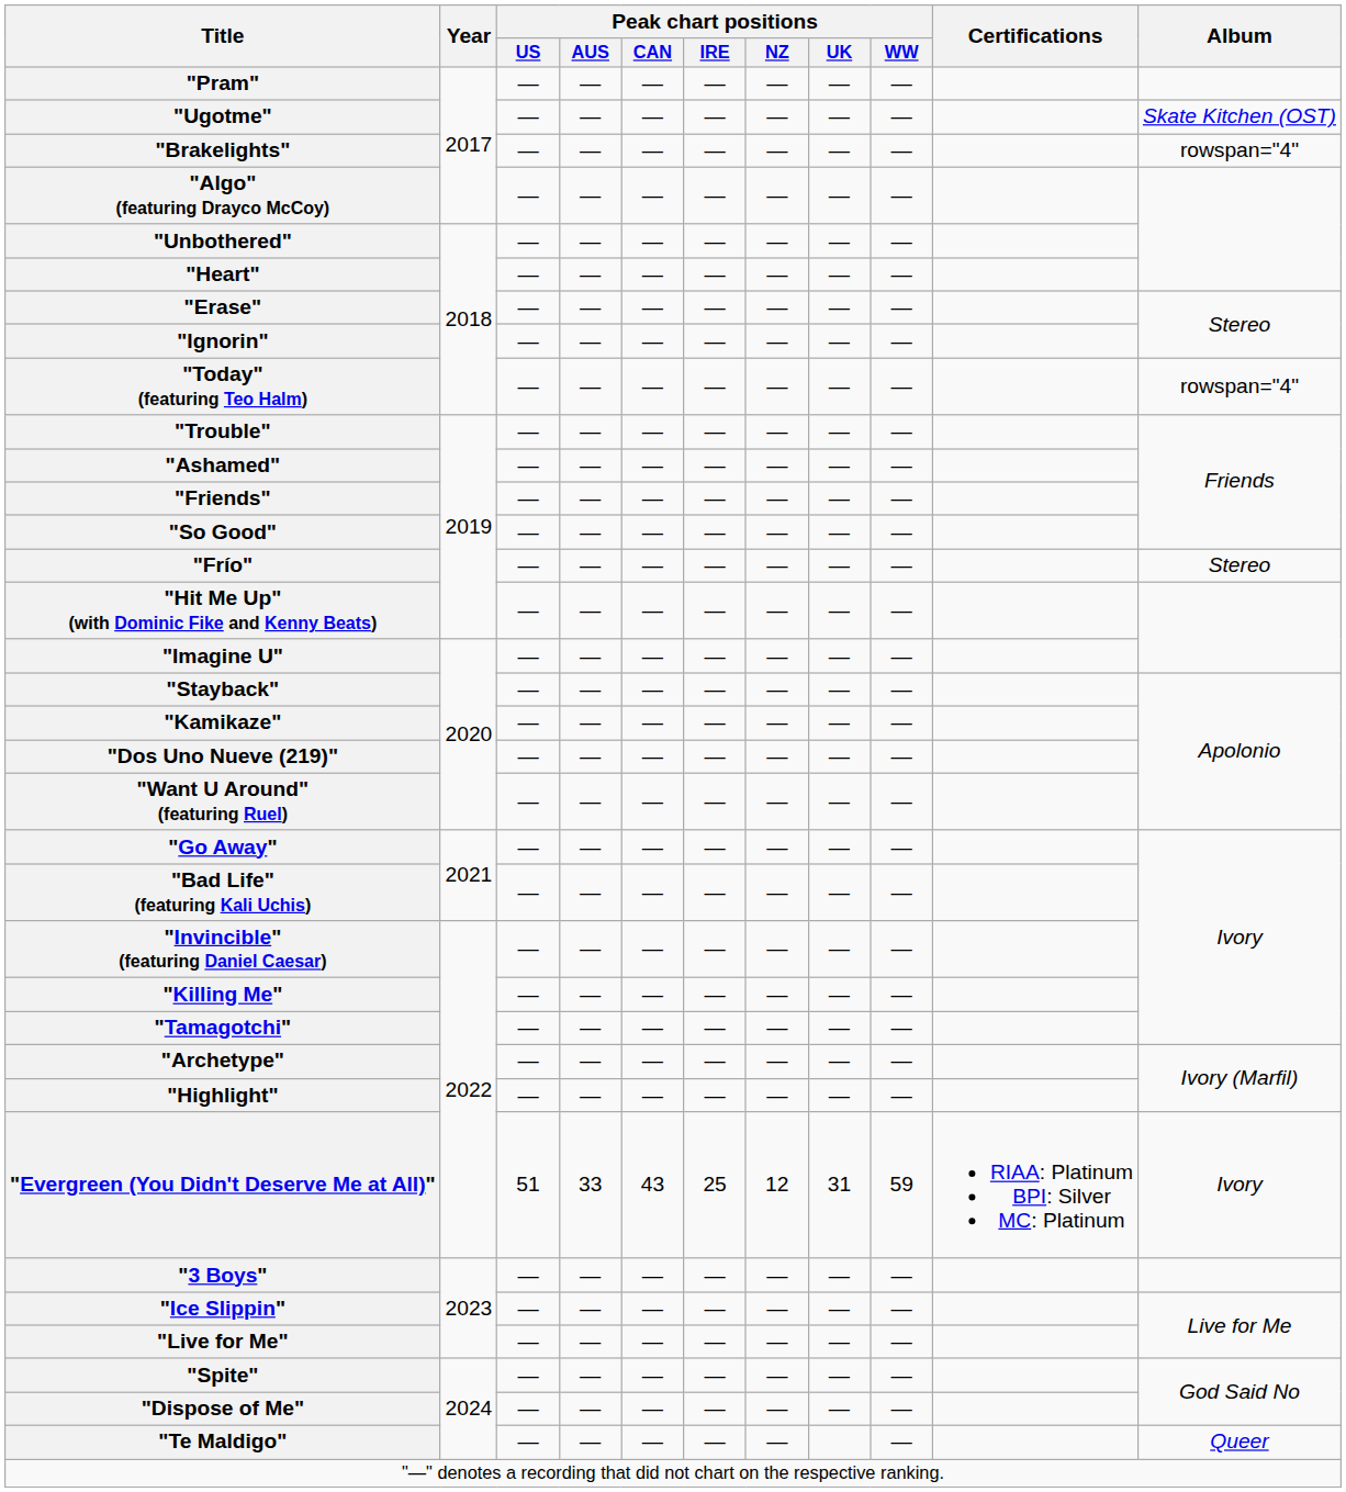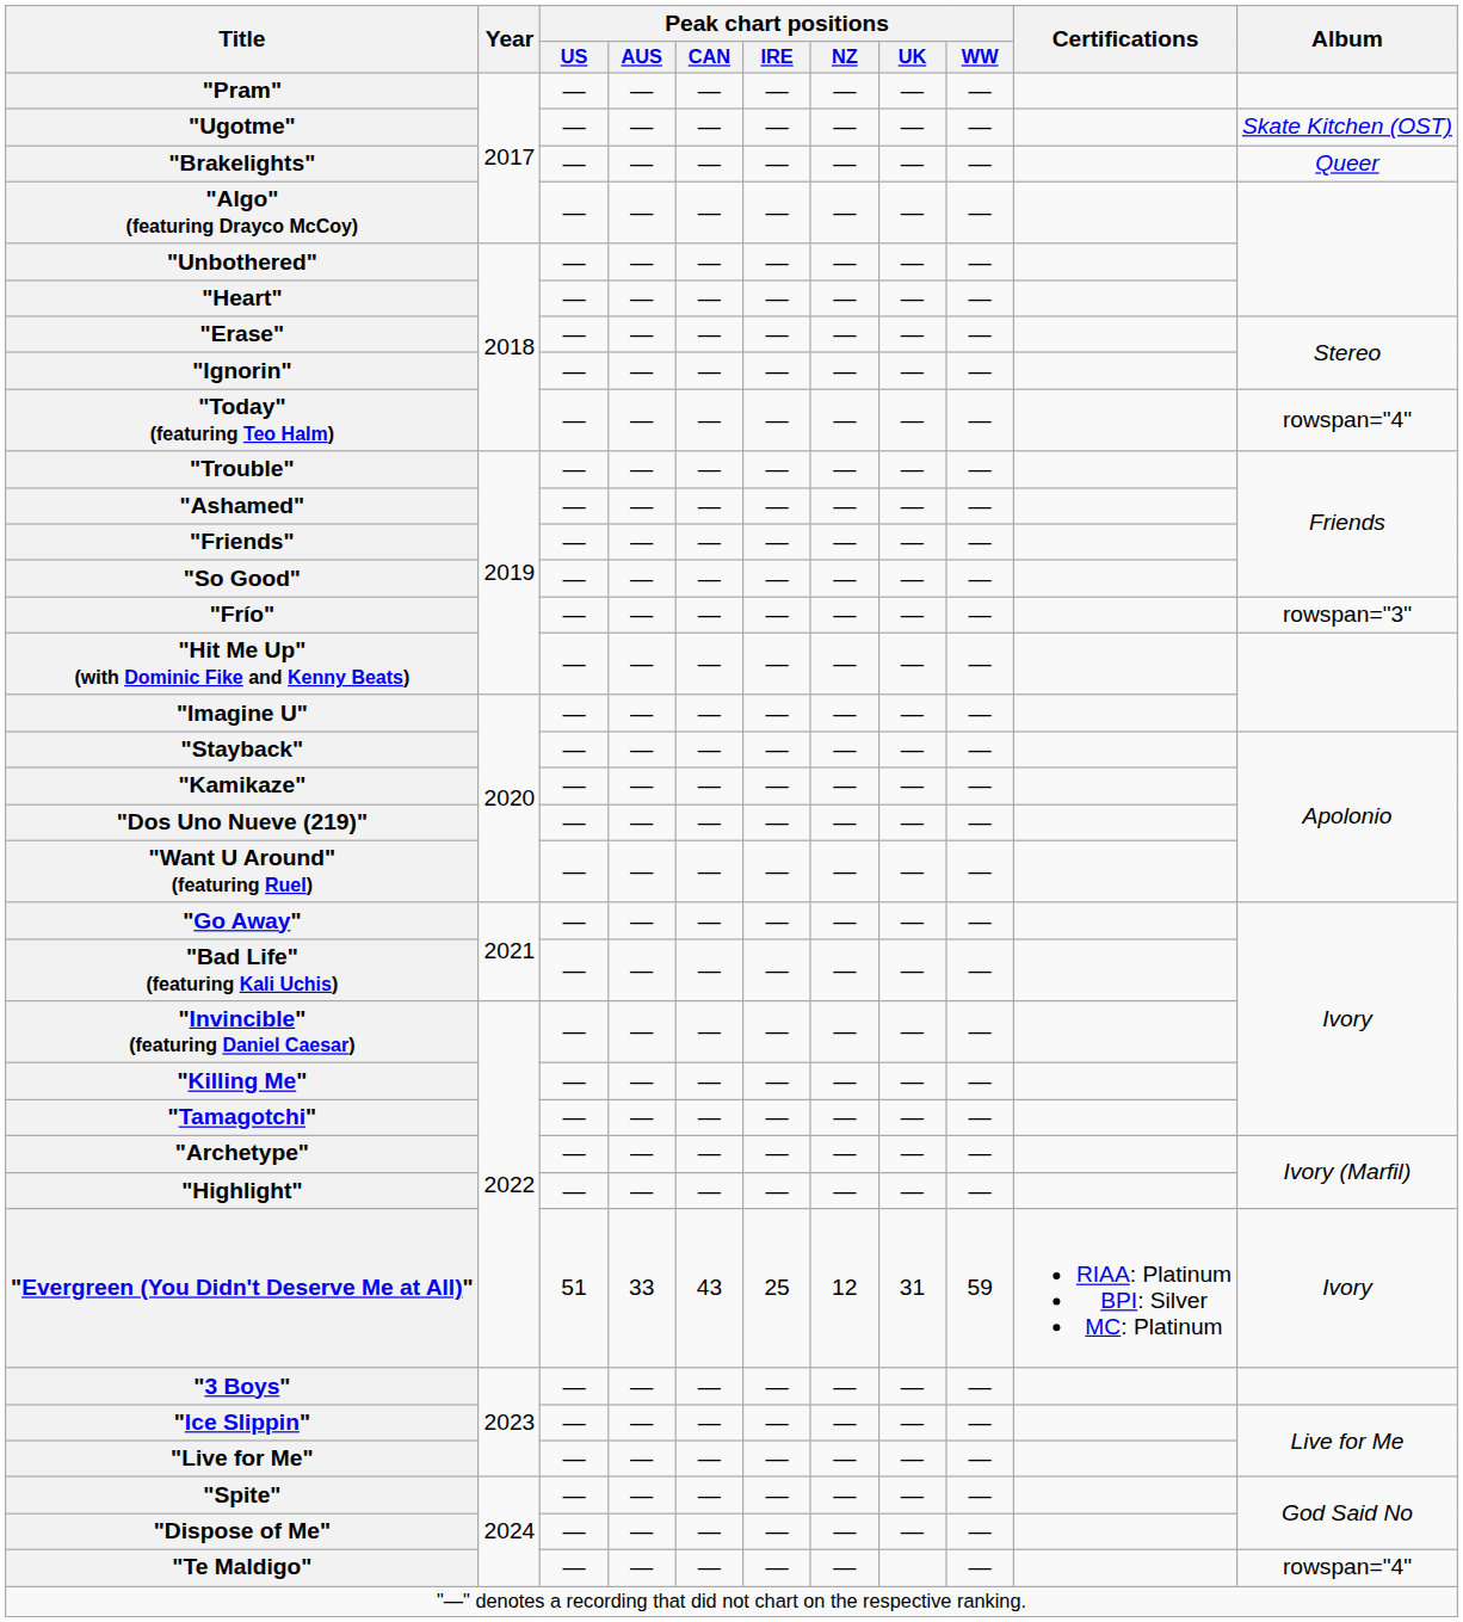 <table class="wikitable plainrowheaders" style="text-align:center">
 <tr>
 <th scope="col" rowspan="2">Title</th>
 <th scope="col" rowspan="2">Year</th>
 <th scope="col" colspan="7">Peak chart positions</th>
 <th scope="col" rowspan="2">Certifications</th>
 <th scope="col" rowspan="2">Album</th>
 </tr>
 <tr>
 <th scope="col" style="width:3em;font-size:85%"><a href='#'>US</a><br></th>
 <th scope="col" style="width:3em;font-size:85%"><a href='#'>AUS</a><br></th>
 <th scope="col" style="width:3em;font-size:85%"><a href='#'>CAN</a><br></th>
 <th scope="col" style="width:3em;font-size:85%"><a href='#'>IRE</a><br></th>
 <th scope="col" style="width:3em;font-size:85%"><a href='#'>NZ</a><br></th>
 <th scope="col" style="width:3em;font-size:85%"><a href='#'>UK</a><br></th>
 <th scope="col" style="width:3em;font-size:85%"><a href='#'>WW</a><br></th>
 </tr>
 <tr>
 <th scope="row">"Pram"</th>
 <td rowspan="4">2017</td>
 <td>—</td>
 <td>—</td>
 <td>—</td>
 <td>—</td>
 <td>—</td>
 <td>—</td>
 <td>—</td>
 <td></td>
 <td></td>
 </tr>
 <tr>
 <th scope="row">"Ugotme"</th>
 <td>—</td>
 <td>—</td>
 <td>—</td>
 <td>—</td>
 <td>—</td>
 <td>—</td>
 <td>—</td>
 <td></td>
 <td><em><a href='#'>Skate Kitchen (OST)</a></em></td>
 </tr>
 <tr>
 <th scope="row">"Brakelights"</th>
 <td>—</td>
 <td>—</td>
 <td>—</td>
 <td>—</td>
 <td>—</td>
 <td>—</td>
 <td>—</td>
 <td></td>
-<td>rowspan="4" </td>
+<td><em><a href='#'>Queer</a></em></td>
 </tr>
 <tr>
 <th scope="row">"Algo"<br><small>(featuring Drayco McCoy)</small></th>
 <td>—</td>
 <td>—</td>
 <td>—</td>
 <td>—</td>
 <td>—</td>
 <td>—</td>
 <td>—</td>
 <td></td>
 </tr>
 <tr>
 <th scope="row">"Unbothered"</th>
 <td rowspan="5">2018</td>
 <td>—</td>
 <td>—</td>
 <td>—</td>
 <td>—</td>
 <td>—</td>
 <td>—</td>
 <td>—</td>
 <td></td>
 </tr>
 <tr>
 <th scope="row">"Heart"</th>
 <td>—</td>
 <td>—</td>
 <td>—</td>
 <td>—</td>
 <td>—</td>
 <td>—</td>
 <td>—</td>
 <td></td>
 </tr>
 <tr>
 <th scope="row">"Erase"</th>
 <td>—</td>
 <td>—</td>
 <td>—</td>
 <td>—</td>
 <td>—</td>
 <td>—</td>
 <td>—</td>
 <td></td>
 <td rowspan="2"><em>Stereo</em></td>
 </tr>
 <tr>
 <th scope="row">"Ignorin"</th>
 <td>—</td>
 <td>—</td>
 <td>—</td>
 <td>—</td>
 <td>—</td>
 <td>—</td>
 <td>—</td>
 <td></td>
 </tr>
 <tr>
 <th scope="row">"Today"<br><small>(featuring <a href='#'>Teo Halm</a>)</small></th>
 <td>—</td>
 <td>—</td>
 <td>—</td>
 <td>—</td>
 <td>—</td>
 <td>—</td>
 <td>—</td>
 <td></td>
 <td>rowspan="4" </td>
 </tr>
 <tr>
 <th scope="row">"Trouble"</th>
 <td rowspan="6">2019</td>
 <td>—</td>
 <td>—</td>
 <td>—</td>
 <td>—</td>
 <td>—</td>
 <td>—</td>
 <td>—</td>
 <td></td>
 <td rowspan="4"><em>Friends</em></td>
 </tr>
 <tr>
 <th scope="row">"Ashamed"</th>
 <td>—</td>
 <td>—</td>
 <td>—</td>
 <td>—</td>
 <td>—</td>
 <td>—</td>
 <td>—</td>
 <td></td>
 </tr>
 <tr>
 <th scope="row">"Friends"</th>
 <td>—</td>
 <td>—</td>
 <td>—</td>
 <td>—</td>
 <td>—</td>
 <td>—</td>
 <td>—</td>
 <td></td>
 </tr>
 <tr>
 <th scope="row">"So Good"</th>
 <td>—</td>
 <td>—</td>
 <td>—</td>
 <td>—</td>
 <td>—</td>
 <td>—</td>
 <td>—</td>
 <td></td>
 </tr>
 <tr>
 <th scope="row">"Frío"</th>
 <td>—</td>
 <td>—</td>
 <td>—</td>
 <td>—</td>
 <td>—</td>
 <td>—</td>
 <td>—</td>
 <td></td>
-<td><em>Stereo</em></td>
+<td>rowspan="3" </td>
 </tr>
 <tr>
 <th scope="row">"Hit Me Up"<br><small>(with <a href='#'>Dominic Fike</a> and <a href='#'>Kenny Beats</a>)</small></th>
 <td>—</td>
 <td>—</td>
 <td>—</td>
 <td>—</td>
 <td>—</td>
 <td>—</td>
 <td>—</td>
 <td></td>
 </tr>
 <tr>
 <th scope="row">"Imagine U"</th>
 <td rowspan="5">2020</td>
 <td>—</td>
 <td>—</td>
 <td>—</td>
 <td>—</td>
 <td>—</td>
 <td>—</td>
 <td>—</td>
 <td></td>
 </tr>
 <tr>
 <th scope="row">"Stayback"</th>
 <td>—</td>
 <td>—</td>
 <td>—</td>
 <td>—</td>
 <td>—</td>
 <td>—</td>
 <td>—</td>
 <td></td>
 <td rowspan="4"><em>Apolonio</em></td>
 </tr>
 <tr>
 <th scope="row">"Kamikaze"</th>
 <td>—</td>
 <td>—</td>
 <td>—</td>
 <td>—</td>
 <td>—</td>
 <td>—</td>
 <td>—</td>
 <td></td>
 </tr>
 <tr>
 <th scope="row">"Dos Uno Nueve (219)"</th>
 <td>—</td>
 <td>—</td>
 <td>—</td>
 <td>—</td>
 <td>—</td>
 <td>—</td>
 <td>—</td>
 <td></td>
 </tr>
 <tr>
 <th scope="row">"Want U Around"<br><small>(featuring <a href='#'>Ruel</a>)</small></th>
 <td>—</td>
 <td>—</td>
 <td>—</td>
 <td>—</td>
 <td>—</td>
 <td>—</td>
 <td>—</td>
 <td></td>
 </tr>
 <tr>
 <th scope="row">"<a href='#'>Go Away</a>"</th>
 <td rowspan="2">2021</td>
 <td>—</td>
 <td>—</td>
 <td>—</td>
 <td>—</td>
 <td>—</td>
 <td>—</td>
 <td>—</td>
 <td></td>
 <td rowspan="5"><em>Ivory</em></td>
 </tr>
 <tr>
 <th scope="row">"Bad Life"<br><small>(featuring <a href='#'>Kali Uchis</a>)</small></th>
 <td>—</td>
 <td>—</td>
 <td>—</td>
 <td>—</td>
 <td>—</td>
 <td>—</td>
 <td>—</td>
 <td></td>
 </tr>
 <tr>
 <th scope="row">"<a href='#'>Invincible</a>"<br><small>(featuring <a href='#'>Daniel Caesar</a>)</small></th>
 <td rowspan="6">2022</td>
 <td>—</td>
 <td>—</td>
 <td>—</td>
 <td>—</td>
 <td>—</td>
 <td>—</td>
 <td>—</td>
 <td></td>
 </tr>
 <tr>
 <th scope="row">"<a href='#'>Killing Me</a>"</th>
 <td>—</td>
 <td>—</td>
 <td>—</td>
 <td>—</td>
 <td>—</td>
 <td>—</td>
 <td>—</td>
 <td></td>
 </tr>
 <tr>
 <th scope="row">"<a href='#'>Tamagotchi</a>"</th>
 <td>—</td>
 <td>—</td>
 <td>—</td>
 <td>—</td>
 <td>—</td>
 <td>—</td>
 <td>—</td>
 <td></td>
 </tr>
 <tr>
 <th scope="row">"Archetype"</th>
 <td>—</td>
 <td>—</td>
 <td>—</td>
 <td>—</td>
 <td>—</td>
 <td>—</td>
 <td>—</td>
 <td></td>
 <td rowspan="2"><em>Ivory (Marfil)</em></td>
 </tr>
 <tr>
 <th scope="row">"Highlight"</th>
 <td>—</td>
 <td>—</td>
 <td>—</td>
 <td>—</td>
 <td>—</td>
 <td>—</td>
 <td>—</td>
 <td></td>
 </tr>
 <tr>
 <th scope="row">"<a href='#'>Evergreen (You Didn't Deserve Me at All)</a>"</th>
 <td>51</td>
 <td>33</td>
 <td>43</td>
 <td>25</td>
 <td>12</td>
 <td>31</td>
 <td>59</td>
 <td><br><ul><li><a href='#'>RIAA</a>: Platinum</li><li><a href='#'>BPI</a>: Silver</li><li><a href='#'>MC</a>: Platinum</li></ul></td>
 <td><em>Ivory</em></td>
 </tr>
 <tr>
 <th scope="row">"<a href='#'>3 Boys</a>"</th>
 <td rowspan="3">2023</td>
 <td>—</td>
 <td>—</td>
 <td>—</td>
 <td>—</td>
 <td>—</td>
 <td>—</td>
 <td>—</td>
 <td></td>
 <td></td>
 </tr>
 <tr>
 <th scope="row">"<a href='#'>Ice Slippin</a>"</th>
 <td>—</td>
 <td>—</td>
 <td>—</td>
 <td>—</td>
 <td>—</td>
 <td>—</td>
 <td>—</td>
 <td></td>
 <td rowspan="2"><em>Live for Me</em></td>
 </tr>
 <tr>
 <th scope="row">"Live for Me"</th>
 <td>—</td>
 <td>—</td>
 <td>—</td>
 <td>—</td>
 <td>—</td>
 <td>—</td>
 <td>—</td>
 <td></td>
 </tr>
 <tr>
 <th scope="row">"Spite"</th>
 <td rowspan="3">2024</td>
 <td>—</td>
 <td>—</td>
 <td>—</td>
 <td>—</td>
 <td>—</td>
 <td>—</td>
 <td>—</td>
 <td></td>
 <td rowspan="2"><em>God Said No</em></td>
 </tr>
 <tr>
 <th scope="row">"Dispose of Me"</th>
 <td>—</td>
 <td>—</td>
 <td>—</td>
 <td>—</td>
 <td>—</td>
 <td>—</td>
 <td>—</td>
 <td></td>
 </tr>
 <tr>
 <th scope="row">"Te Maldigo"</th>
 <td>—</td>
 <td>—</td>
 <td>—</td>
 <td>—</td>
 <td>—</td>
 <td></td>
 <td>—</td>
 <td></td>
-<td><em><a href='#'>Queer</a></em></td>
+<td>rowspan="4" </td>
 </tr>
 <tr>
 <td colspan="11" style="font-size:85%">"—" denotes a recording that did not chart on the respective ranking.</td>
 </tr>
 </table>
